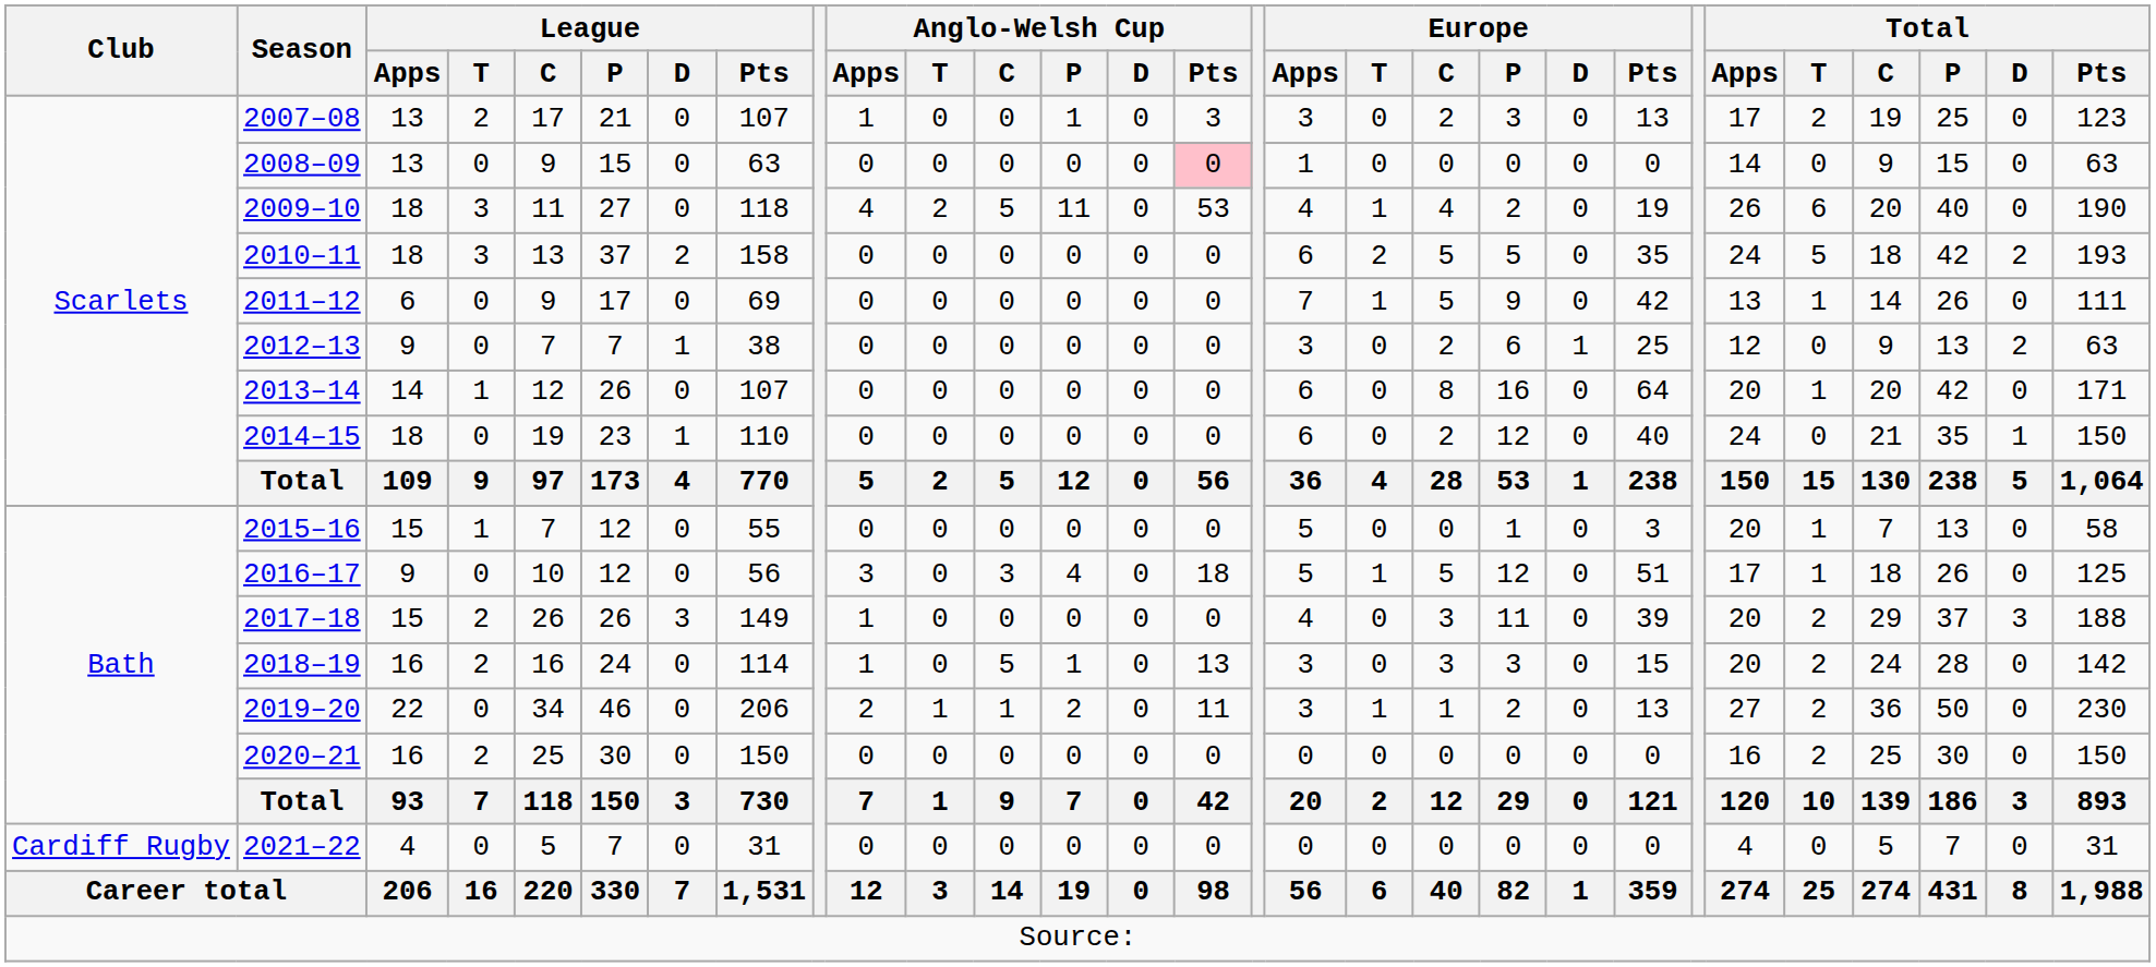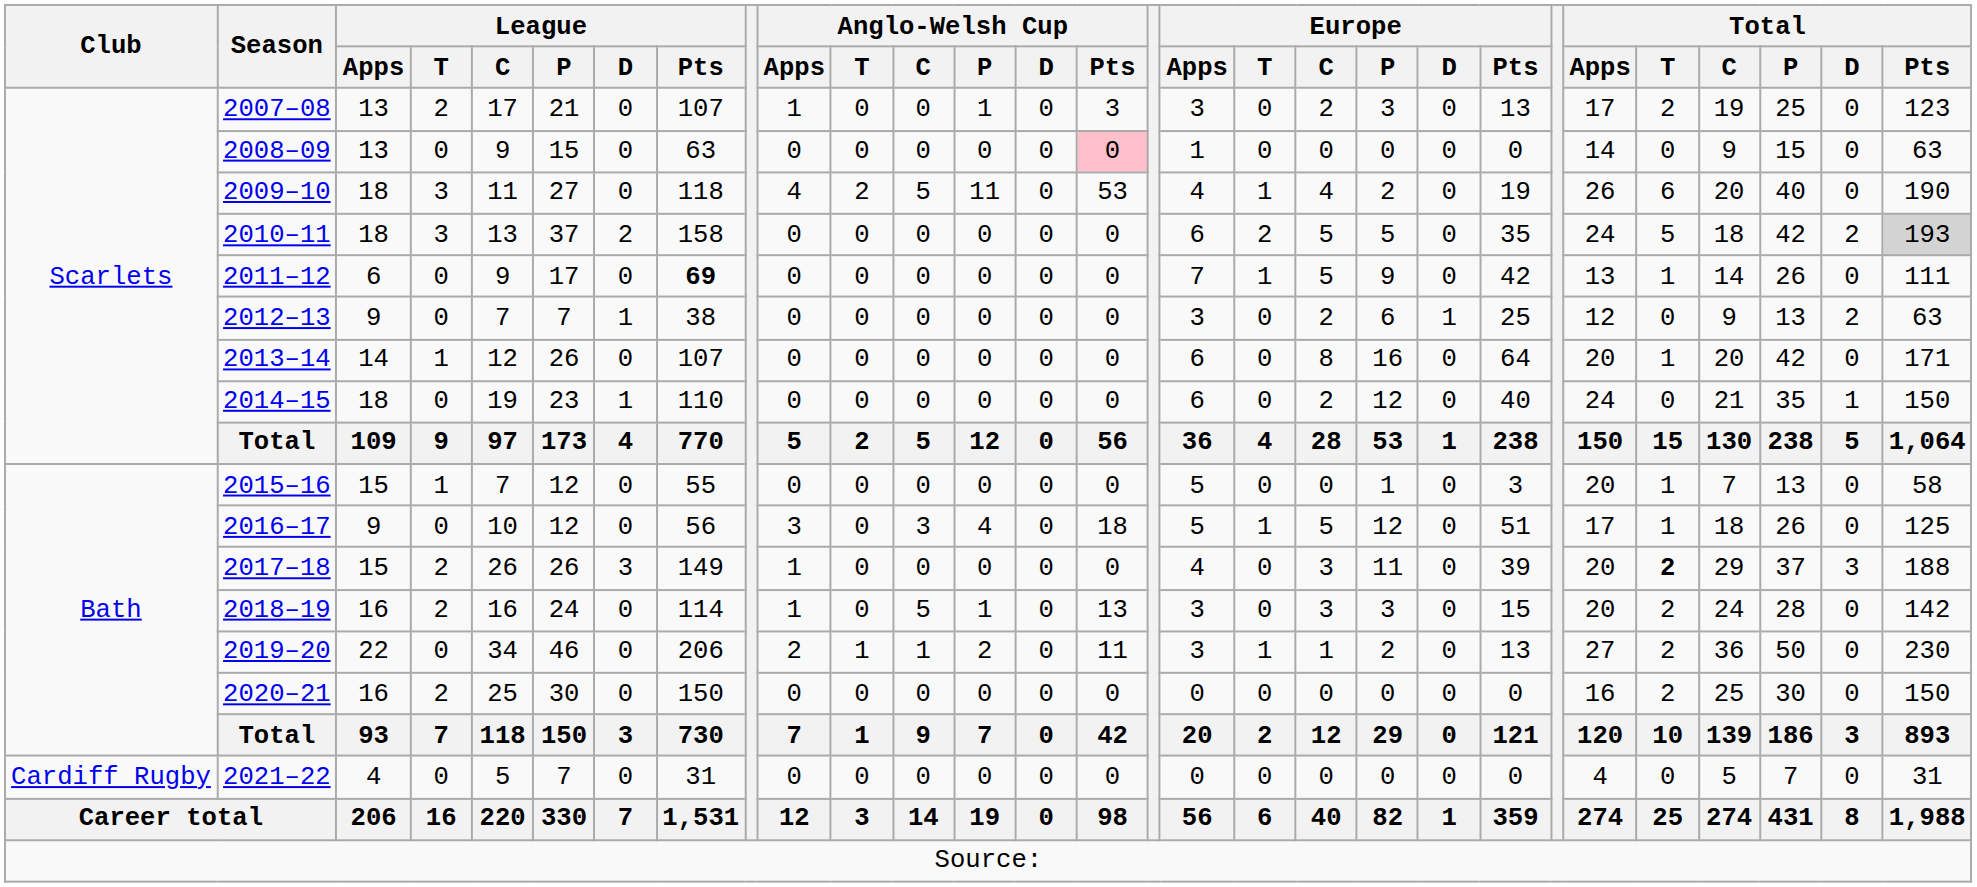 <table class="wikitable" style="text-align:center">
 <tr>
 <th rowspan="2">Club</th>
 <th rowspan="2">Season</th>
 <th colspan="6">League</th>
 <th rowspan="20"></th>
 <th colspan="6">Anglo-Welsh Cup</th>
 <th rowspan="20"></th>
 <th colspan="6">Europe</th>
 <th rowspan="20"></th>
 <th colspan="6">Total</th>
 </tr>
 <tr>
 <th width=30>Apps</th>
 <th width=25>T</th>
 <th width=25>C</th>
 <th width=25>P</th>
 <th width=25>D</th>
 <th width=30>Pts</th>
 <th width=30>Apps</th>
 <th width=25>T</th>
 <th width=25>C</th>
 <th width=25>P</th>
 <th width=25>D</th>
 <th width=30>Pts</th>
 <th width=30>Apps</th>
 <th width=25>T</th>
 <th width=25>C</th>
 <th width=25>P</th>
 <th width=25>D</th>
 <th width=30>Pts</th>
 <th width=30>Apps</th>
 <th width=25>T</th>
 <th width=25>C</th>
 <th width=25>P</th>
 <th width=25>D</th>
 <th width=30>Pts</th>
 </tr>
 <tr>
 <td rowspan="9"><a href='#'>Scarlets</a></td>
 <td><a href='#'>2007–08</a></td>
 <td>13</td>
 <td>2</td>
 <td>17</td>
 <td>21</td>
 <td>0</td>
 <td>107</td>
 <td>1</td>
 <td>0</td>
 <td>0</td>
 <td>1</td>
 <td>0</td>
 <td>3</td>
 <td>3</td>
 <td>0</td>
 <td>2</td>
 <td>3</td>
 <td>0</td>
 <td>13</td>
 <td>17</td>
 <td>2</td>
 <td>19</td>
 <td>25</td>
 <td>0</td>
 <td>123</td>
 </tr>
 <tr>
 <td><a href='#'>2008–09</a></td>
 <td>13</td>
 <td>0</td>
 <td>9</td>
 <td>15</td>
 <td>0</td>
 <td>63</td>
 <td>0</td>
 <td>0</td>
 <td>0</td>
 <td>0</td>
 <td>0</td>
 <td style="background: pink;">0</td>
 <td>1</td>
 <td>0</td>
 <td>0</td>
 <td>0</td>
 <td>0</td>
 <td>0</td>
 <td>14</td>
 <td>0</td>
 <td>9</td>
 <td>15</td>
 <td>0</td>
 <td>63</td>
 </tr>
 <tr>
 <td><a href='#'>2009–10</a></td>
 <td>18</td>
 <td>3</td>
 <td>11</td>
 <td>27</td>
 <td>0</td>
 <td>118</td>
 <td>4</td>
 <td>2</td>
 <td>5</td>
 <td>11</td>
 <td>0</td>
 <td>53</td>
 <td>4</td>
 <td>1</td>
 <td>4</td>
 <td>2</td>
 <td>0</td>
 <td>19</td>
 <td>26</td>
 <td>6</td>
 <td>20</td>
 <td>40</td>
 <td>0</td>
 <td>190</td>
 </tr>
 <tr>
 <td><a href='#'>2010–11</a></td>
 <td>18</td>
 <td>3</td>
 <td>13</td>
 <td>37</td>
 <td>2</td>
 <td>158</td>
 <td>0</td>
 <td>0</td>
 <td>0</td>
 <td>0</td>
 <td>0</td>
 <td>0</td>
 <td>6</td>
 <td>2</td>
 <td>5</td>
 <td>5</td>
 <td>0</td>
 <td>35</td>
 <td>24</td>
 <td>5</td>
 <td>18</td>
 <td>42</td>
 <td>2</td>
-<td>193</td>
+<td style="background: lightgrey;">193</td>
 </tr>
 <tr>
 <td><a href='#'>2011–12</a></td>
 <td>6</td>
 <td>0</td>
 <td>9</td>
 <td>17</td>
 <td>0</td>
-<td>69</td>
+<td><strong>69</strong></td>
 <td>0</td>
 <td>0</td>
 <td>0</td>
 <td>0</td>
 <td>0</td>
 <td>0</td>
 <td>7</td>
 <td>1</td>
 <td>5</td>
 <td>9</td>
 <td>0</td>
 <td>42</td>
 <td>13</td>
 <td>1</td>
 <td>14</td>
 <td>26</td>
 <td>0</td>
 <td>111</td>
 </tr>
 <tr>
 <td><a href='#'>2012–13</a></td>
 <td>9</td>
 <td>0</td>
 <td>7</td>
 <td>7</td>
 <td>1</td>
 <td>38</td>
 <td>0</td>
 <td>0</td>
 <td>0</td>
 <td>0</td>
 <td>0</td>
 <td>0</td>
 <td>3</td>
 <td>0</td>
 <td>2</td>
 <td>6</td>
 <td>1</td>
 <td>25</td>
 <td>12</td>
 <td>0</td>
 <td>9</td>
 <td>13</td>
 <td>2</td>
 <td>63</td>
 </tr>
 <tr>
 <td><a href='#'>2013–14</a></td>
 <td>14</td>
 <td>1</td>
 <td>12</td>
 <td>26</td>
 <td>0</td>
 <td>107</td>
 <td>0</td>
 <td>0</td>
 <td>0</td>
 <td>0</td>
 <td>0</td>
 <td>0</td>
 <td>6</td>
 <td>0</td>
 <td>8</td>
 <td>16</td>
 <td>0</td>
 <td>64</td>
 <td>20</td>
 <td>1</td>
 <td>20</td>
 <td>42</td>
 <td>0</td>
 <td>171</td>
 </tr>
 <tr>
 <td><a href='#'>2014–15</a></td>
 <td>18</td>
 <td>0</td>
 <td>19</td>
 <td>23</td>
 <td>1</td>
 <td>110</td>
 <td>0</td>
 <td>0</td>
 <td>0</td>
 <td>0</td>
 <td>0</td>
 <td>0</td>
 <td>6</td>
 <td>0</td>
 <td>2</td>
 <td>12</td>
 <td>0</td>
 <td>40</td>
 <td>24</td>
 <td>0</td>
 <td>21</td>
 <td>35</td>
 <td>1</td>
 <td>150</td>
 </tr>
 <tr>
 <th>Total</th>
 <th>109</th>
 <th>9</th>
 <th>97</th>
 <th>173</th>
 <th>4</th>
 <th>770</th>
 <th>5</th>
 <th>2</th>
 <th>5</th>
 <th>12</th>
 <th>0</th>
 <th>56</th>
 <th>36</th>
 <th>4</th>
 <th>28</th>
 <th>53</th>
 <th>1</th>
 <th>238</th>
 <th>150</th>
 <th>15</th>
 <th>130</th>
 <th>238</th>
 <th>5</th>
 <th>1,064</th>
 </tr>
 <tr>
 <td rowspan="7"><a href='#'>Bath</a></td>
 <td><a href='#'>2015–16</a></td>
 <td>15</td>
 <td>1</td>
 <td>7</td>
 <td>12</td>
 <td>0</td>
 <td>55</td>
 <td>0</td>
 <td>0</td>
 <td>0</td>
 <td>0</td>
 <td>0</td>
 <td>0</td>
 <td>5</td>
 <td>0</td>
 <td>0</td>
 <td>1</td>
 <td>0</td>
 <td>3</td>
 <td>20</td>
 <td>1</td>
 <td>7</td>
 <td>13</td>
 <td>0</td>
 <td>58</td>
 </tr>
 <tr>
 <td><a href='#'>2016–17</a></td>
 <td>9</td>
 <td>0</td>
 <td>10</td>
 <td>12</td>
 <td>0</td>
 <td>56</td>
 <td>3</td>
 <td>0</td>
 <td>3</td>
 <td>4</td>
 <td>0</td>
 <td>18</td>
 <td>5</td>
 <td>1</td>
 <td>5</td>
 <td>12</td>
 <td>0</td>
 <td>51</td>
 <td>17</td>
 <td>1</td>
 <td>18</td>
 <td>26</td>
 <td>0</td>
 <td>125</td>
 </tr>
 <tr>
 <td><a href='#'>2017–18</a></td>
 <td>15</td>
 <td>2</td>
 <td>26</td>
 <td>26</td>
 <td>3</td>
 <td>149</td>
 <td>1</td>
 <td>0</td>
 <td>0</td>
 <td>0</td>
 <td>0</td>
 <td>0</td>
 <td>4</td>
 <td>0</td>
 <td>3</td>
 <td>11</td>
 <td>0</td>
 <td>39</td>
 <td>20</td>
-<td>2</td>
+<td><strong>2</strong></td>
 <td>29</td>
 <td>37</td>
 <td>3</td>
 <td>188</td>
 </tr>
 <tr>
 <td><a href='#'>2018–19</a></td>
 <td>16</td>
 <td>2</td>
 <td>16</td>
 <td>24</td>
 <td>0</td>
 <td>114</td>
 <td>1</td>
 <td>0</td>
 <td>5</td>
 <td>1</td>
 <td>0</td>
 <td>13</td>
 <td>3</td>
 <td>0</td>
 <td>3</td>
 <td>3</td>
 <td>0</td>
 <td>15</td>
 <td>20</td>
 <td>2</td>
 <td>24</td>
 <td>28</td>
 <td>0</td>
 <td>142</td>
 </tr>
 <tr>
 <td><a href='#'>2019–20</a></td>
 <td>22</td>
 <td>0</td>
 <td>34</td>
 <td>46</td>
 <td>0</td>
 <td>206</td>
 <td>2</td>
 <td>1</td>
 <td>1</td>
 <td>2</td>
 <td>0</td>
 <td>11</td>
 <td>3</td>
 <td>1</td>
 <td>1</td>
 <td>2</td>
 <td>0</td>
 <td>13</td>
 <td>27</td>
 <td>2</td>
 <td>36</td>
 <td>50</td>
 <td>0</td>
 <td>230</td>
 </tr>
 <tr>
 <td><a href='#'>2020–21</a></td>
 <td>16</td>
 <td>2</td>
 <td>25</td>
 <td>30</td>
 <td>0</td>
 <td>150</td>
 <td>0</td>
 <td>0</td>
 <td>0</td>
 <td>0</td>
 <td>0</td>
 <td>0</td>
 <td>0</td>
 <td>0</td>
 <td>0</td>
 <td>0</td>
 <td>0</td>
 <td>0</td>
 <td>16</td>
 <td>2</td>
 <td>25</td>
 <td>30</td>
 <td>0</td>
 <td>150</td>
 </tr>
 <tr>
 <th>Total</th>
 <th>93</th>
 <th>7</th>
 <th>118</th>
 <th>150</th>
 <th>3</th>
 <th>730</th>
 <th>7</th>
 <th>1</th>
 <th>9</th>
 <th>7</th>
 <th>0</th>
 <th>42</th>
 <th>20</th>
 <th>2</th>
 <th>12</th>
 <th>29</th>
 <th>0</th>
 <th>121</th>
 <th>120</th>
 <th>10</th>
 <th>139</th>
 <th>186</th>
 <th>3</th>
 <th>893</th>
 </tr>
 <tr>
 <td><a href='#'>Cardiff Rugby</a></td>
 <td><a href='#'>2021–22</a></td>
 <td>4</td>
 <td>0</td>
 <td>5</td>
 <td>7</td>
 <td>0</td>
 <td>31</td>
 <td>0</td>
 <td>0</td>
 <td>0</td>
 <td>0</td>
 <td>0</td>
 <td>0</td>
 <td>0</td>
 <td>0</td>
 <td>0</td>
 <td>0</td>
 <td>0</td>
 <td>0</td>
 <td>4</td>
 <td>0</td>
 <td>5</td>
 <td>7</td>
 <td>0</td>
 <td>31</td>
 </tr>
 <tr>
 <th colspan="2">Career total</th>
 <th>206</th>
 <th>16</th>
 <th>220</th>
 <th>330</th>
 <th>7</th>
 <th>1,531</th>
 <th>12</th>
 <th>3</th>
 <th>14</th>
 <th>19</th>
 <th>0</th>
 <th>98</th>
 <th>56</th>
 <th>6</th>
 <th>40</th>
 <th>82</th>
 <th>1</th>
 <th>359</th>
 <th>274</th>
 <th>25</th>
 <th>274</th>
 <th>431</th>
 <th>8</th>
 <th>1,988</th>
 </tr>
 <tr>
 <td colspan="29">Source:</td>
 </tr>
 </table>
